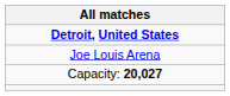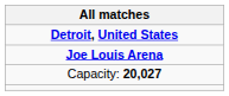 <table class="wikitable" style="text-align:center" width=280>
 <tr>
 <th>All matches</th>
 </tr>
 <tr>
 <td> <strong><a href='#'>Detroit</a>, <a href='#'>United States</a></strong></td>
 </tr>
 <tr>
-<td><a href='#'>Joe Louis Arena</a></td>
+<td><strong><a href='#'>Joe Louis Arena</a></strong></td>
 </tr>
 <tr>
 <td>Capacity: <strong>20,027</strong></td>
 </tr>
 <tr>
 <td></td>
 </tr>
 </table>
